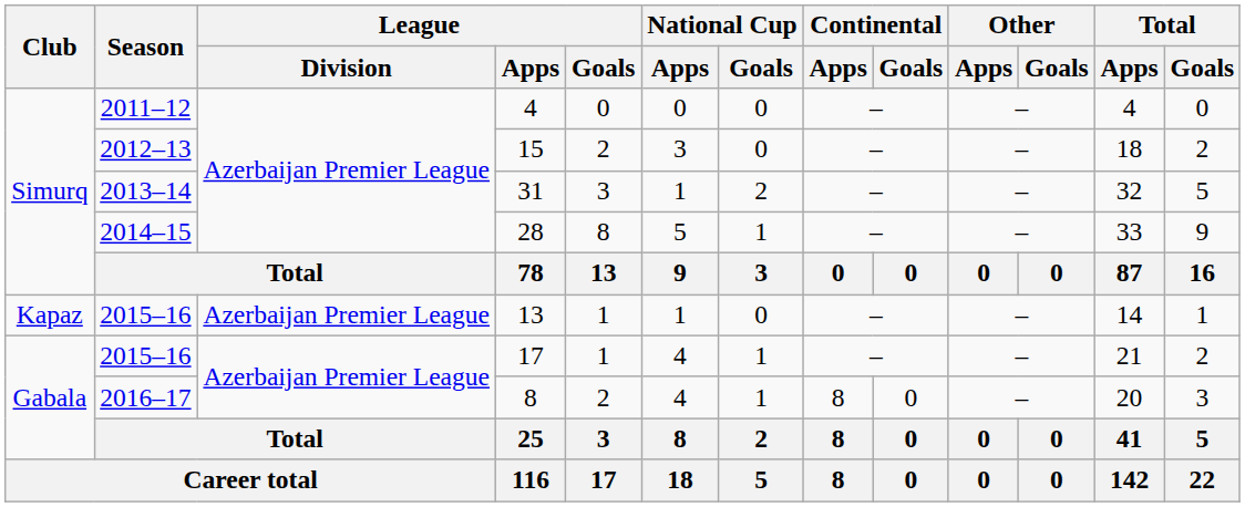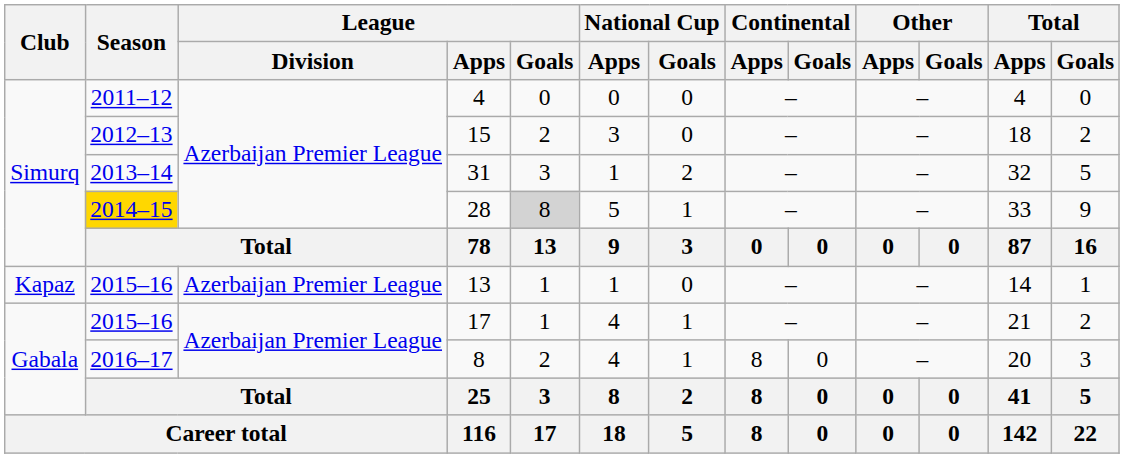 <table class="wikitable" style="text-align: center;">
 <tr>
 <th rowspan="2">Club</th>
 <th rowspan="2">Season</th>
 <th colspan="3">League</th>
 <th colspan="2">National Cup</th>
 <th colspan="2">Continental</th>
 <th colspan="2">Other</th>
 <th colspan="2">Total</th>
 </tr>
 <tr>
 <th>Division</th>
 <th>Apps</th>
 <th>Goals</th>
 <th>Apps</th>
 <th>Goals</th>
 <th>Apps</th>
 <th>Goals</th>
 <th>Apps</th>
 <th>Goals</th>
 <th>Apps</th>
 <th>Goals</th>
 </tr>
 <tr>
 <td rowspan="5" valign="center"><a href='#'>Simurq</a></td>
 <td><a href='#'>2011–12</a></td>
 <td rowspan="4" valign="center"><a href='#'>Azerbaijan Premier League</a></td>
 <td>4</td>
 <td>0</td>
 <td>0</td>
 <td>0</td>
 <td colspan="2">–</td>
 <td colspan="2">–</td>
 <td>4</td>
 <td>0</td>
 </tr>
 <tr>
 <td><a href='#'>2012–13</a></td>
 <td>15</td>
 <td>2</td>
 <td>3</td>
 <td>0</td>
 <td colspan="2">–</td>
 <td colspan="2">–</td>
 <td>18</td>
 <td>2</td>
 </tr>
 <tr>
 <td><a href='#'>2013–14</a></td>
 <td>31</td>
 <td>3</td>
 <td>1</td>
 <td>2</td>
 <td colspan="2">–</td>
 <td colspan="2">–</td>
 <td>32</td>
 <td>5</td>
 </tr>
 <tr>
-<td><a href='#'>2014–15</a></td>
+<td style="background: gold;"><a href='#'>2014–15</a></td>
 <td>28</td>
-<td>8</td>
+<td style="background: lightgrey;">8</td>
 <td>5</td>
 <td>1</td>
 <td colspan="2">–</td>
 <td colspan="2">–</td>
 <td>33</td>
 <td>9</td>
 </tr>
 <tr>
 <th colspan="2">Total</th>
 <th>78</th>
 <th>13</th>
 <th>9</th>
 <th>3</th>
 <th>0</th>
 <th>0</th>
 <th>0</th>
 <th>0</th>
 <th>87</th>
 <th>16</th>
 </tr>
 <tr>
 <td valign="center"><a href='#'>Kapaz</a></td>
 <td><a href='#'>2015–16</a></td>
 <td><a href='#'>Azerbaijan Premier League</a></td>
 <td>13</td>
 <td>1</td>
 <td>1</td>
 <td>0</td>
 <td colspan="2">–</td>
 <td colspan="2">–</td>
 <td>14</td>
 <td>1</td>
 </tr>
 <tr>
 <td rowspan="3" valign="center"><a href='#'>Gabala</a></td>
 <td><a href='#'>2015–16</a></td>
 <td rowspan="2" valign="center"><a href='#'>Azerbaijan Premier League</a></td>
 <td>17</td>
 <td>1</td>
 <td>4</td>
 <td>1</td>
 <td colspan="2">–</td>
 <td colspan="2">–</td>
 <td>21</td>
 <td>2</td>
 </tr>
 <tr>
 <td><a href='#'>2016–17</a></td>
 <td>8</td>
 <td>2</td>
 <td>4</td>
 <td>1</td>
 <td>8</td>
 <td>0</td>
 <td colspan="2">–</td>
 <td>20</td>
 <td>3</td>
 </tr>
 <tr>
 <th colspan="2">Total</th>
 <th>25</th>
 <th>3</th>
 <th>8</th>
 <th>2</th>
 <th>8</th>
 <th>0</th>
 <th>0</th>
 <th>0</th>
 <th>41</th>
 <th>5</th>
 </tr>
 <tr>
 <th colspan="3">Career total</th>
 <th>116</th>
 <th>17</th>
 <th>18</th>
 <th>5</th>
 <th>8</th>
 <th>0</th>
 <th>0</th>
 <th>0</th>
 <th>142</th>
 <th>22</th>
 </tr>
 </table>
